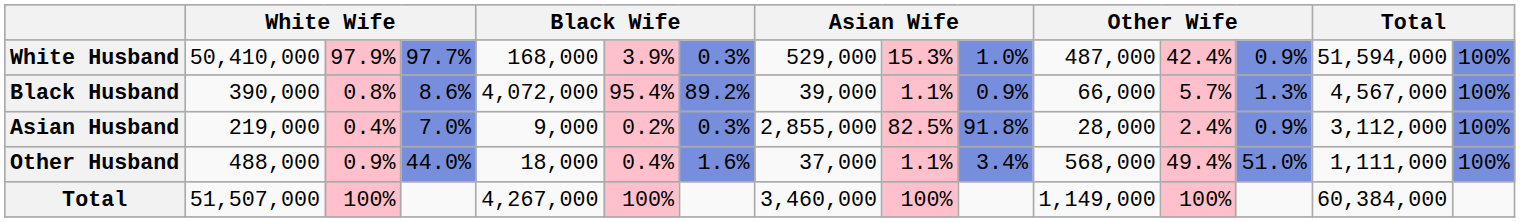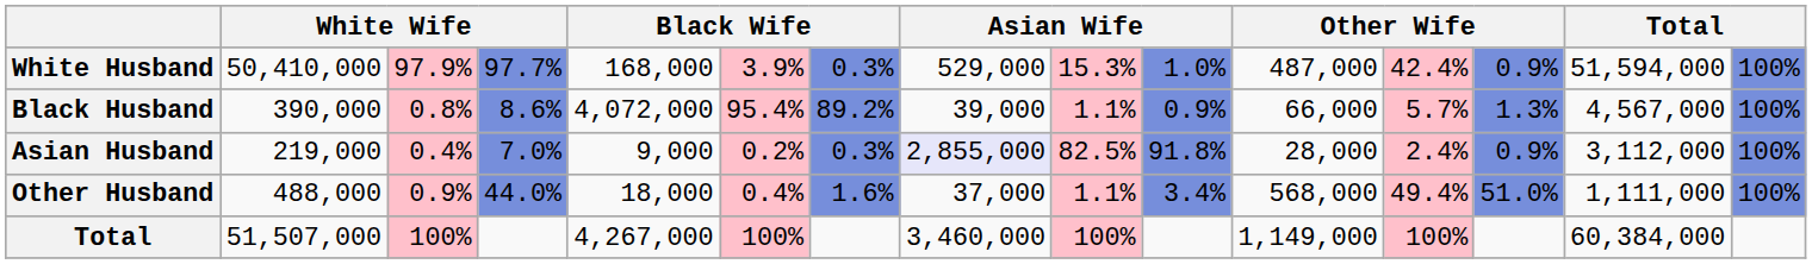 <table class="wikitable sortable">
 <tr>
 <th class="unsortable"></th>
 <th colspan="3">White Wife</th>
 <th colspan="3">Black Wife</th>
 <th colspan="3">Asian Wife</th>
 <th colspan="3">Other Wife</th>
 <th colspan="2">Total</th>
 </tr>
 <tr align="right">
 <th>White Husband</th>
 <td>50,410,000</td>
 <td style="background:#FFC0CB;">97.9%</td>
 <td style="background:#768edb;">97.7%</td>
 <td>168,000</td>
 <td style="background:#FFC0CB;">3.9%</td>
 <td style="background:#768edb;">0.3%</td>
 <td>529,000</td>
 <td style="background:#FFC0CB;">15.3%</td>
 <td style="background:#768edb;">1.0%</td>
 <td>487,000</td>
 <td style="background:#FFC0CB;">42.4%</td>
 <td style="background:#768edb;">0.9%</td>
 <td>51,594,000</td>
 <td style="background:#768edb;">100%</td>
 </tr>
 <tr align="right">
 <th>Black Husband</th>
 <td>390,000</td>
 <td style="background:#FFC0CB;">0.8%</td>
 <td style="background:#768edb;">8.6%</td>
 <td>4,072,000</td>
 <td style="background:#FFC0CB;">95.4%</td>
 <td style="background:#768edb;">89.2%</td>
 <td>39,000</td>
 <td style="background:#FFC0CB;">1.1%</td>
 <td style="background:#768edb;">0.9%</td>
 <td>66,000</td>
 <td style="background:#FFC0CB;">5.7%</td>
 <td style="background:#768edb;">1.3%</td>
 <td>4,567,000</td>
 <td style="background:#768edb;">100%</td>
 </tr>
 <tr align="right">
 <th>Asian Husband</th>
 <td>219,000</td>
 <td style="background:#FFC0CB;">0.4%</td>
 <td style="background:#768edb;">7.0%</td>
 <td>9,000</td>
 <td style="background:#FFC0CB;">0.2%</td>
 <td style="background:#768edb;">0.3%</td>
-<td>2,855,000</td>
+<td style="background: lavender;">2,855,000</td>
 <td style="background:#FFC0CB;">82.5%</td>
 <td style="background:#768edb;">91.8%</td>
 <td>28,000</td>
 <td style="background:#FFC0CB;">2.4%</td>
 <td style="background:#768edb;">0.9%</td>
 <td>3,112,000</td>
 <td style="background:#768edb;">100%</td>
 </tr>
 <tr align="right">
 <th>Other Husband</th>
 <td>488,000</td>
 <td style="background:#FFC0CB;">0.9%</td>
 <td style="background:#768edb;">44.0%</td>
 <td>18,000</td>
 <td style="background:#FFC0CB;">0.4%</td>
 <td style="background:#768edb;">1.6%</td>
 <td>37,000</td>
 <td style="background:#FFC0CB;">1.1%</td>
 <td style="background:#768edb;">3.4%</td>
 <td>568,000</td>
 <td style="background:#FFC0CB;">49.4%</td>
 <td style="background:#768edb;">51.0%</td>
 <td>1,111,000</td>
 <td style="background:#768edb;">100%</td>
 </tr>
 <tr align="right">
 <th>Total</th>
 <td>51,507,000</td>
 <td style="background:#FFC0CB;">100%</td>
 <td></td>
 <td>4,267,000</td>
 <td style="background:#FFC0CB;">100%</td>
 <td></td>
 <td>3,460,000</td>
 <td style="background:#FFC0CB;">100%</td>
 <td></td>
 <td>1,149,000</td>
 <td style="background:#FFC0CB;">100%</td>
 <td></td>
 <td>60,384,000</td>
 <td></td>
 </tr>
 </table>
